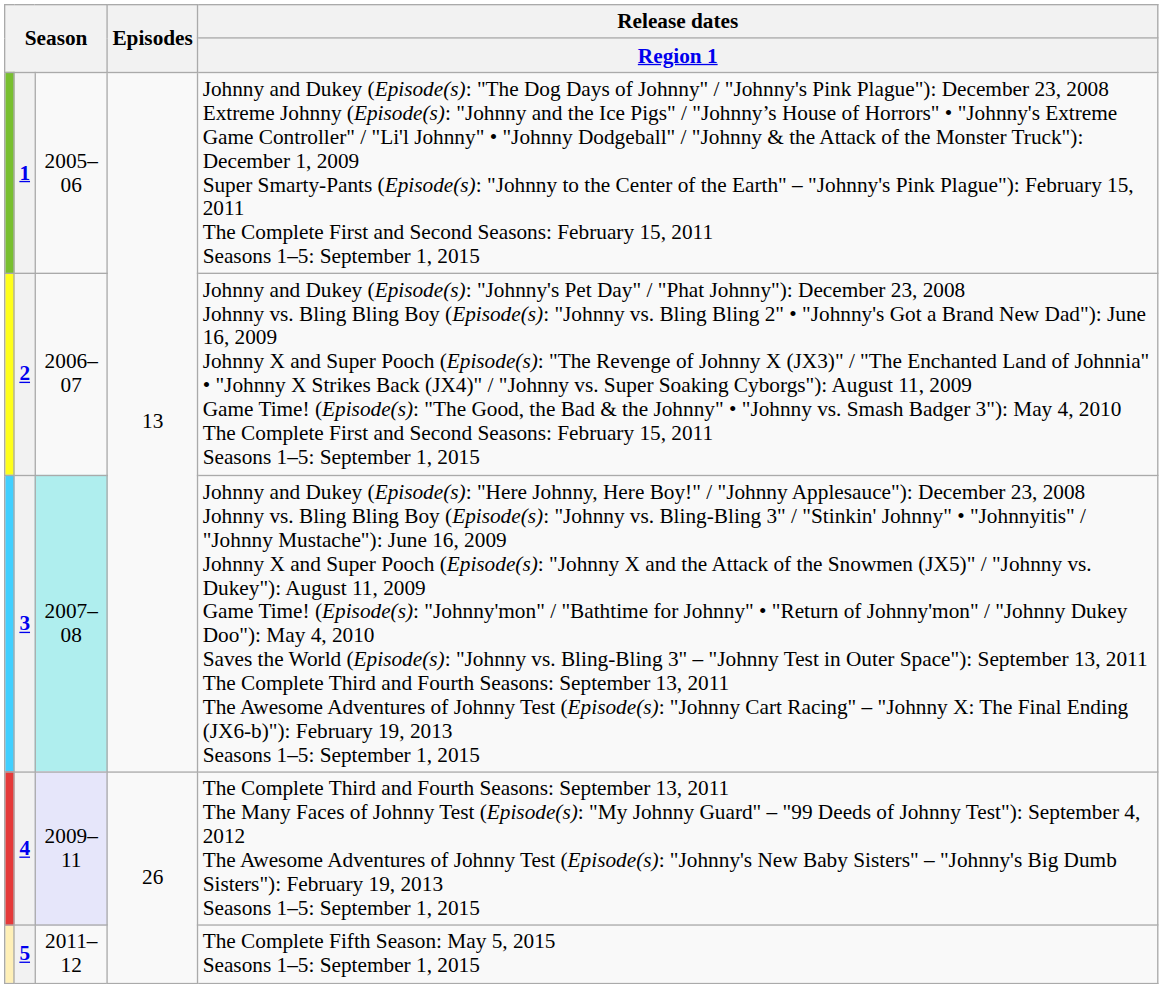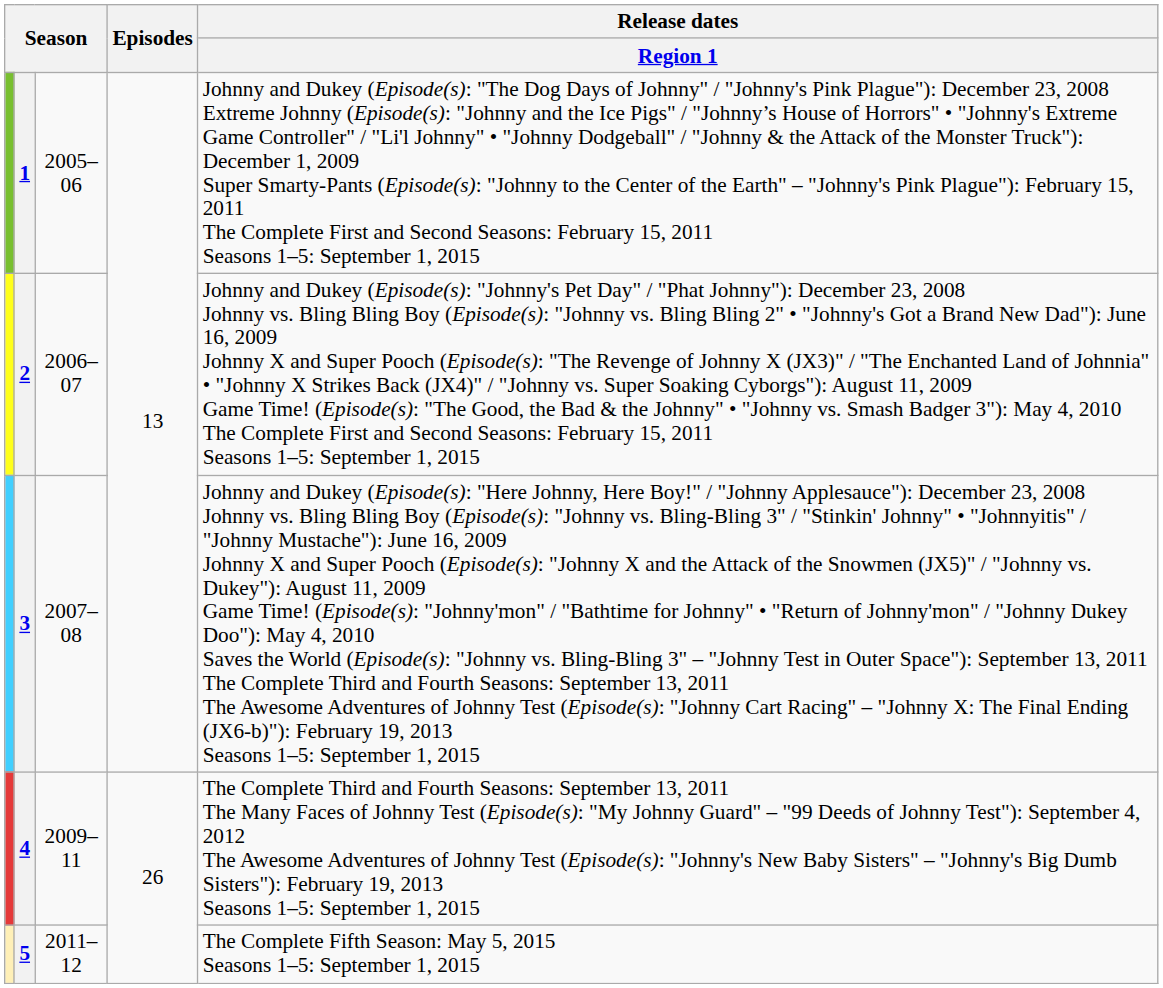 <table class="wikitable">
 <tr>
 <th colspan=3 rowspan=2>Season</th>
 <th rowspan=2>Episodes</th>
 <th>Release dates</th>
 </tr>
 <tr>
 <th><a href='#'>Region 1</a></th>
 </tr>
 <tr>
 <th style="background:#78bf2f"></th>
 <th style="text-align: center"><strong><a href='#'>1</a></strong></th>
 <td style="text-align: center">2005–06</td>
 <td rowspan=3 style="text-align: center">13</td>
 <td>Johnny and Dukey (<em>Episode(s)</em>: "The Dog Days of Johnny" / "Johnny's Pink Plague"): December 23, 2008<br>Extreme Johnny (<em>Episode(s)</em>: "Johnny and the Ice Pigs" / "Johnny’s House of Horrors" • "Johnny's Extreme Game Controller" / "Li'l Johnny" • "Johnny Dodgeball" / "Johnny & the Attack of the Monster Truck"): December 1, 2009<br>Super Smarty-Pants (<em>Episode(s)</em>: "Johnny to the Center of the Earth" – "Johnny's Pink Plague"): February 15, 2011<br>The Complete First and Second Seasons: February 15, 2011<br>Seasons 1–5: September 1, 2015</td>
 </tr>
 <tr>
 <th style="background:#ffff1a"></th>
 <th style="text-align: center"><strong><a href='#'>2</a></strong></th>
 <td style="text-align: center">2006–07</td>
 <td>Johnny and Dukey (<em>Episode(s)</em>: "Johnny's Pet Day" / "Phat Johnny"): December 23, 2008<br>Johnny vs. Bling Bling Boy (<em>Episode(s)</em>: "Johnny vs. Bling Bling 2" • "Johnny's Got a Brand New Dad"): June 16, 2009<br>Johnny X and Super Pooch (<em>Episode(s)</em>: "The Revenge of Johnny X (JX3)" / "The Enchanted Land of Johnnia" • "Johnny X Strikes Back (JX4)" / "Johnny vs. Super Soaking Cyborgs"): August 11, 2009<br>Game Time! (<em>Episode(s)</em>: "The Good, the Bad & the Johnny" • "Johnny vs. Smash Badger 3"): May 4, 2010<br>The Complete First and Second Seasons: February 15, 2011<br>Seasons 1–5: September 1, 2015</td>
 </tr>
 <tr>
 <th style="background:#40cfff"></th>
 <th style="text-align: center"><strong><a href='#'>3</a></strong></th>
-<td style="background: paleturquoise; text-align: center">2007–08</td>
+<td style="text-align: center">2007–08</td>
 <td>Johnny and Dukey (<em>Episode(s)</em>: "Here Johnny, Here Boy!" / "Johnny Applesauce"): December 23, 2008<br>Johnny vs. Bling Bling Boy (<em>Episode(s)</em>: "Johnny vs. Bling-Bling 3" / "Stinkin' Johnny" • "Johnnyitis" / "Johnny Mustache"): June 16, 2009<br>Johnny X and Super Pooch (<em>Episode(s)</em>: "Johnny X and the Attack of the Snowmen (JX5)" / "Johnny vs. Dukey"): August 11, 2009<br>Game Time! (<em>Episode(s)</em>: "Johnny'mon" / "Bathtime for Johnny" • "Return of Johnny'mon" / "Johnny Dukey Doo"): May 4, 2010<br>Saves the World (<em>Episode(s)</em>: "Johnny vs. Bling-Bling 3" – "Johnny Test in Outer Space"): September 13, 2011<br>The Complete Third and Fourth Seasons: September 13, 2011<br>The Awesome Adventures of Johnny Test (<em>Episode(s)</em>: "Johnny Cart Racing" – "Johnny X: The Final Ending (JX6-b)"): February 19, 2013<br>Seasons 1–5: September 1, 2015</td>
 </tr>
 <tr>
 <th style="background:#e53939"></th>
 <th style="text-align: center"><strong><a href='#'>4</a></strong></th>
-<td style="background: lavender; text-align: center">2009–11</td>
+<td style="text-align: center">2009–11</td>
 <td rowspan=2 style="text-align: center">26</td>
 <td>The Complete Third and Fourth Seasons: September 13, 2011<br>The Many Faces of Johnny Test (<em>Episode(s)</em>: "My Johnny Guard" – "99 Deeds of Johnny Test"): September 4, 2012<br>The Awesome Adventures of Johnny Test (<em>Episode(s)</em>: "Johnny's New Baby Sisters" – "Johnny's Big Dumb Sisters"): February 19, 2013<br>Seasons 1–5: September 1, 2015</td>
 </tr>
 <tr>
 <th style="background:#fff0b7"></th>
 <th style="text-align: center"><strong><a href='#'>5</a></strong></th>
 <td style="text-align: center">2011–12</td>
 <td>The Complete Fifth Season: May 5, 2015<br>Seasons 1–5: September 1, 2015</td>
 </tr>
 </table>
